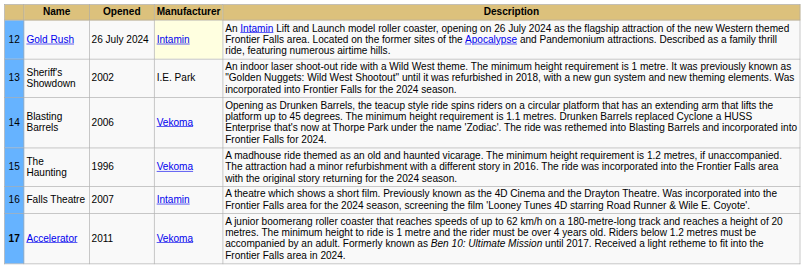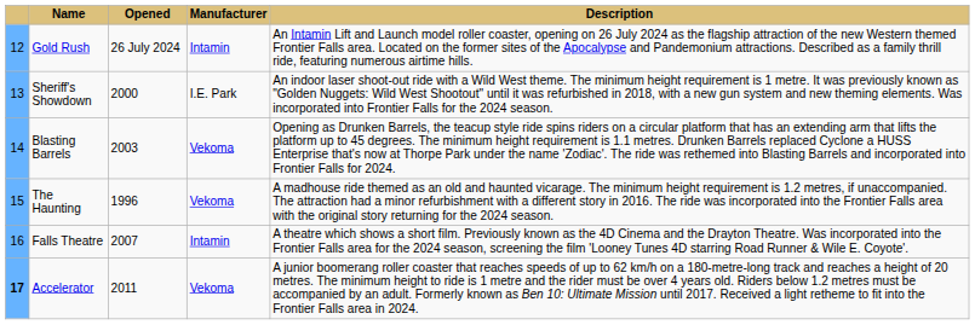 <table class="wikitable sortable" style="width: 100%; font sizes: 95%;">
 <tr>
 <th style="background-color: #dcc17c; width: 1.5em;"></th>
 <th style="background-color: #dcc17c; width: 6em;">Name</th>
 <th style="background-color: #dcc17c; width: 6em;">Opened</th>
 <th style="background-color: #dcc17c; width: 6em;">Manufacturer</th>
 <th style="background-color: #dcc17c;">Description</th>
 </tr>
 <tr>
 <td bgcolor="#66b3ff" style="text-align: center;">12</td>
 <td><a href='#'>Gold Rush</a></td>
 <td>26 July 2024</td>
-<td style="background: lightyellow;"><a href='#'>Intamin</a></td>
+<td><a href='#'>Intamin</a></td>
 <td>An <a href='#'>Intamin</a> Lift and Launch model roller coaster, opening on 26 July 2024 as the flagship attraction of the new Western themed Frontier Falls area. Located on the former sites of the <a href='#'>Apocalypse</a> and Pandemonium attractions. Described as a family thrill ride, featuring numerous airtime hills.</td>
 </tr>
 <tr>
 <td bgcolor="#66b3ff" style="text-align: center;">13</td>
 <td>Sheriff's Showdown</td>
-<td>2002</td>
+<td>2000</td>
 <td>I.E. Park</td>
 <td>An indoor laser shoot-out ride with a Wild West theme. The minimum height requirement is 1 metre. It was previously known as "Golden Nuggets: Wild West Shootout" until it was refurbished in 2018, with a new gun system and new theming elements. Was incorporated into Frontier Falls for the 2024 season.</td>
 </tr>
 <tr>
 <td bgcolor="#66b3ff" style="text-align: center;">14</td>
 <td>Blasting Barrels</td>
-<td>2006</td>
+<td>2003</td>
 <td><a href='#'>Vekoma</a></td>
 <td>Opening as Drunken Barrels, the teacup style ride spins riders on a circular platform that has an extending arm that lifts the platform up to 45 degrees. The minimum height requirement is 1.1 metres. Drunken Barrels replaced Cyclone a HUSS Enterprise that's now at Thorpe Park under the name 'Zodiac'. The ride was rethemed into Blasting Barrels and incorporated into Frontier Falls for 2024.</td>
 </tr>
 <tr>
 <td bgcolor="#66b3ff" style="text-align: center;">15</td>
 <td>The Haunting</td>
 <td>1996</td>
 <td><a href='#'>Vekoma</a></td>
 <td>A madhouse ride themed as an old and haunted vicarage. The minimum height requirement is 1.2 metres, if unaccompanied. The attraction had a minor refurbishment with a different story in 2016. The ride was incorporated into the Frontier Falls area with the original story returning for the 2024 season.</td>
 </tr>
 <tr>
 <td bgcolor="#66b3ff" style="text-align: center;">16</td>
 <td>Falls Theatre</td>
 <td>2007</td>
 <td><a href='#'>Intamin</a></td>
 <td>A theatre which shows a short film. Previously known as the 4D Cinema and the Drayton Theatre. Was incorporated into the Frontier Falls area for the 2024 season, screening the film 'Looney Tunes 4D starring Road Runner & Wile E. Coyote'.</td>
 </tr>
 <tr>
 <td bgcolor="#66b3ff" style="text-align: center;"><strong>17</strong></td>
 <td><a href='#'>Accelerator</a></td>
 <td>2011</td>
 <td><a href='#'>Vekoma</a></td>
 <td>A junior boomerang roller coaster that reaches speeds of up to 62 km/h on a 180-metre-long track and reaches a height of 20 metres. The minimum height to ride is 1 metre and the rider must be over 4 years old. Riders below 1.2 metres must be accompanied by an adult. Formerly known as <em>Ben 10: Ultimate Mission</em> until 2017. Received a light retheme to fit into the Frontier Falls area in 2024.</td>
 </tr>
 </table>
